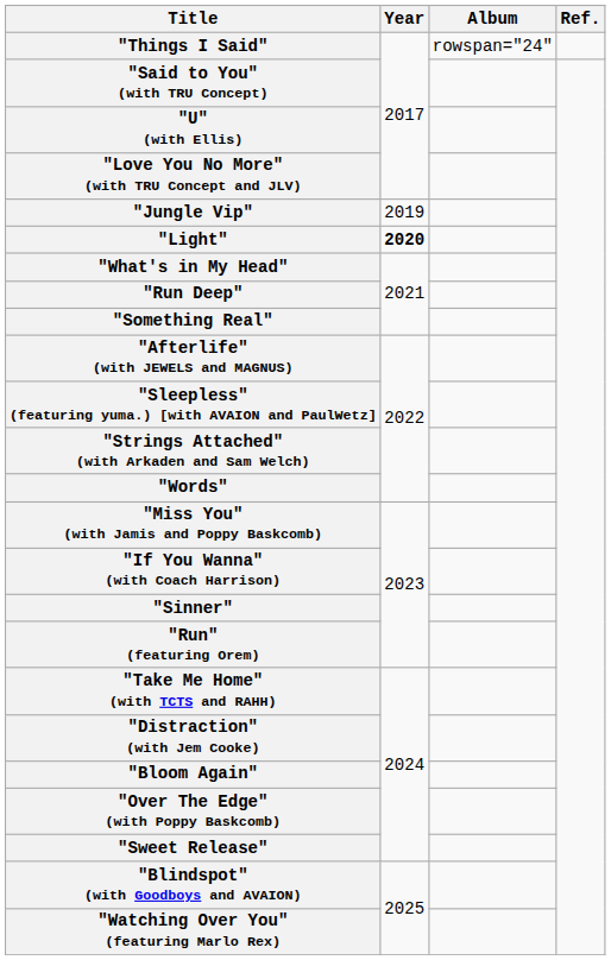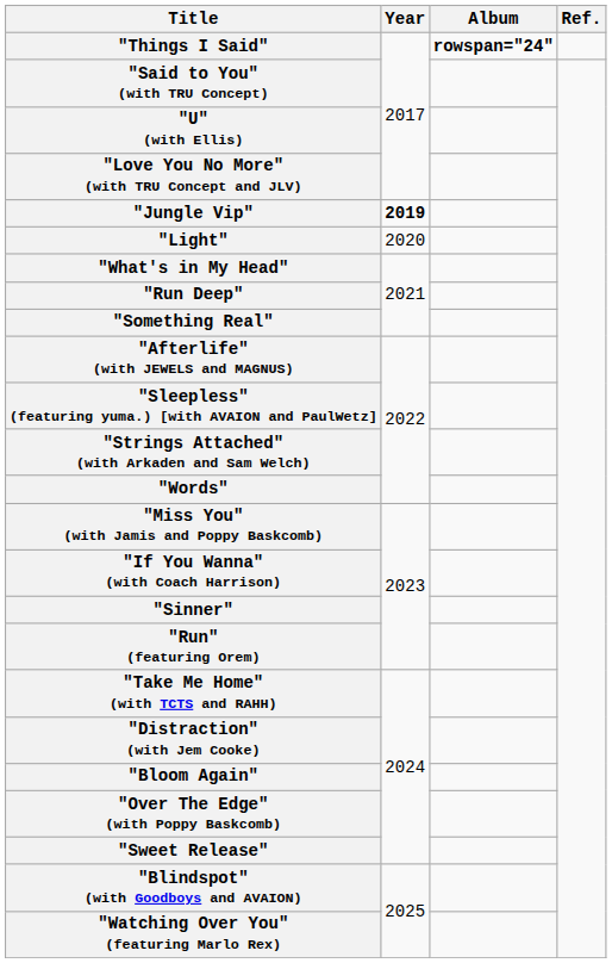 <table class="wikitable plainrowheaders" style="text-align:center;">
 <tr>
 <th>Title</th>
 <th>Year</th>
 <th>Album</th>
 <th>Ref.</th>
 </tr>
 <tr>
 <th scope="row">"Things I Said"</th>
 <td rowspan="4">2017</td>
-<td>rowspan="24" </td>
+<td><strong>rowspan="24" </strong></td>
 <td></td>
 </tr>
 <tr>
 <th scope="row">"Said to You"<br><small>(with TRU Concept)</small></th>
 <td></td>
 </tr>
 <tr>
 <th scope="row">"U"<br><small>(with Ellis)</small></th>
 <td></td>
 </tr>
 <tr>
 <th scope="row">"Love You No More"<br><small>(with TRU Concept and JLV)</small></th>
 <td></td>
 </tr>
 <tr>
 <th scope="row">"Jungle Vip"</th>
-<td>2019</td>
+<td><strong>2019</strong></td>
 <td></td>
 </tr>
 <tr>
 <th scope="row">"Light"</th>
-<td><strong>2020</strong></td>
+<td>2020</td>
 <td></td>
 </tr>
 <tr>
 <th scope="row">"What's in My Head"</th>
 <td rowspan="3">2021</td>
 <td></td>
 </tr>
 <tr>
 <th scope="row">"Run Deep"</th>
 <td></td>
 </tr>
 <tr>
 <th scope="row">"Something Real"</th>
 <td></td>
 </tr>
 <tr>
 <th scope="row">"Afterlife"<br><small>(with JEWELS and MAGNUS)</small></th>
 <td rowspan="4">2022</td>
 <td></td>
 </tr>
 <tr>
 <th scope="row">"Sleepless"<br><small>(featuring yuma.) [with AVAION and PaulWetz]</small></th>
 <td></td>
 </tr>
 <tr>
 <th scope="row">"Strings Attached"<br><small>(with Arkaden and Sam Welch)</small></th>
 <td></td>
 </tr>
 <tr>
 <th scope="row">"Words"</th>
 <td></td>
 </tr>
 <tr>
 <th scope="row">"Miss You"<br><small>(with Jamis and Poppy Baskcomb)</small></th>
 <td rowspan="4">2023</td>
 <td></td>
 </tr>
 <tr>
 <th scope="row">"If You Wanna"<br><small>(with Coach Harrison)</small></th>
 <td></td>
 </tr>
 <tr>
 <th scope="row">"Sinner"</th>
 <td></td>
 </tr>
 <tr>
 <th scope="row">"Run"<br><small>(featuring Orem)</small></th>
 <td></td>
 </tr>
 <tr>
 <th scope="row">"Take Me Home"<br><small>(with <a href='#'>TCTS</a> and RAHH)</small></th>
 <td rowspan="5">2024</td>
 <td></td>
 </tr>
 <tr>
 <th scope="row">"Distraction"<br><small>(with Jem Cooke)</small></th>
 <td></td>
 </tr>
 <tr>
 <th scope="row">"Bloom Again"</th>
 <td></td>
 </tr>
 <tr>
 <th scope="row">"Over The Edge"<br><small>(with Poppy Baskcomb)</small></th>
 <td></td>
 </tr>
 <tr>
 <th scope="row">"Sweet Release"</th>
 <td></td>
 </tr>
 <tr>
 <th scope="row">"Blindspot"<br><small>(with <a href='#'>Goodboys</a> and AVAION)</small></th>
 <td rowspan="2">2025</td>
 <td></td>
 </tr>
 <tr>
 <th scope="row">"Watching Over You"<br><small>(featuring Marlo Rex)</small></th>
 <td></td>
 </tr>
 </table>
